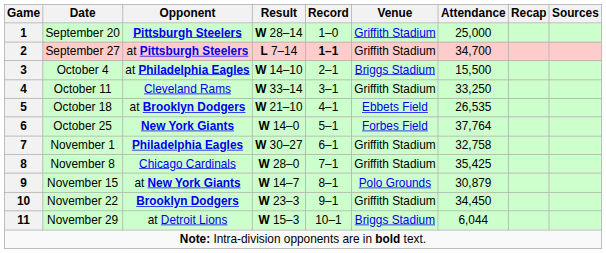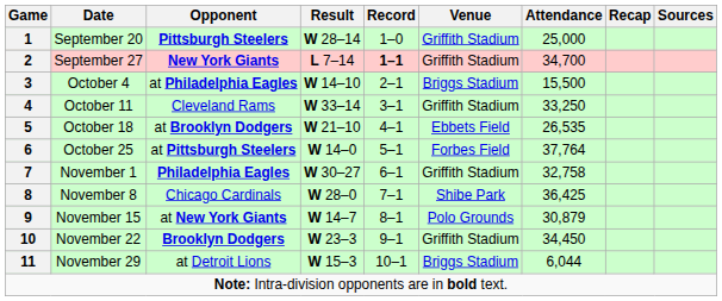 <table class="wikitable" style="text-align:center">
 <tr>
 <th>Game</th>
 <th>Date</th>
 <th>Opponent</th>
 <th>Result</th>
 <th>Record</th>
 <th>Venue</th>
 <th>Attendance</th>
 <th>Recap</th>
 <th>Sources</th>
 </tr>
 <tr style="background:#cfc">
 <th>1</th>
 <td>September 20</td>
 <td><strong><a href='#'>Pittsburgh Steelers</a></strong></td>
 <td><strong>W</strong> 28–14</td>
 <td>1–0</td>
 <td><a href='#'>Griffith Stadium</a></td>
 <td>25,000</td>
 <td></td>
 <td></td>
 </tr>
 <tr style="background:#fcc">
 <th>2</th>
 <td>September 27</td>
-<td>at <strong><a href='#'>Pittsburgh Steelers</a></strong></td>
+<td><strong><a href='#'>New York Giants</a></strong></td>
 <td><strong>L</strong> 7–14</td>
 <td><strong>1–1</strong></td>
 <td>Griffith Stadium</td>
 <td>34,700</td>
 <td></td>
 <td></td>
 </tr>
 <tr style="background:#cfc">
 <th>3</th>
 <td>October 4</td>
 <td>at <strong><a href='#'>Philadelphia Eagles</a></strong></td>
 <td><strong>W</strong> 14–10</td>
 <td>2–1</td>
 <td><a href='#'>Briggs Stadium</a></td>
 <td>15,500</td>
 <td></td>
 <td></td>
 </tr>
 <tr style="background:#cfc">
 <th>4</th>
 <td>October 11</td>
 <td><a href='#'>Cleveland Rams</a></td>
 <td><strong>W</strong> 33–14</td>
 <td>3–1</td>
 <td>Griffith Stadium</td>
 <td>33,250</td>
 <td></td>
 <td></td>
 </tr>
 <tr style="background:#cfc">
 <th>5</th>
 <td>October 18</td>
 <td>at <strong><a href='#'>Brooklyn Dodgers</a></strong></td>
 <td><strong>W</strong> 21–10</td>
 <td>4–1</td>
 <td><a href='#'>Ebbets Field</a></td>
 <td>26,535</td>
 <td></td>
 <td></td>
 </tr>
 <tr style="background:#cfc">
 <th>6</th>
 <td>October 25</td>
-<td><strong><a href='#'>New York Giants</a></strong></td>
+<td>at <strong><a href='#'>Pittsburgh Steelers</a></strong></td>
 <td><strong>W</strong> 14–0</td>
 <td>5–1</td>
 <td><a href='#'>Forbes Field</a></td>
 <td>37,764</td>
 <td></td>
 <td></td>
 </tr>
 <tr style="background:#cfc">
 <th>7</th>
 <td>November 1</td>
 <td><strong><a href='#'>Philadelphia Eagles</a></strong></td>
 <td><strong>W</strong> 30–27</td>
 <td>6–1</td>
 <td>Griffith Stadium</td>
 <td>32,758</td>
 <td></td>
 <td></td>
 </tr>
 <tr style="background:#cfc">
 <th>8</th>
 <td>November 8</td>
 <td><a href='#'>Chicago Cardinals</a></td>
 <td><strong>W</strong> 28–0</td>
 <td>7–1</td>
-<td>Griffith Stadium</td>
-<td>35,425</td>
+<td><a href='#'>Shibe Park</a></td>
+<td>36,425</td>
 <td></td>
 <td></td>
 </tr>
 <tr style="background:#cfc">
 <th>9</th>
 <td>November 15</td>
 <td>at <strong><a href='#'>New York Giants</a></strong></td>
 <td><strong>W</strong> 14–7</td>
 <td>8–1</td>
 <td><a href='#'>Polo Grounds</a></td>
 <td>30,879</td>
 <td></td>
 <td></td>
 </tr>
 <tr style="background:#cfc">
 <th>10</th>
 <td>November 22</td>
 <td><strong><a href='#'>Brooklyn Dodgers</a></strong></td>
 <td><strong>W</strong> 23–3</td>
 <td>9–1</td>
 <td>Griffith Stadium</td>
 <td>34,450</td>
 <td></td>
 <td></td>
 </tr>
 <tr style="background:#cfc">
 <th>11</th>
 <td>November 29</td>
 <td>at <a href='#'>Detroit Lions</a></td>
 <td><strong>W</strong> 15–3</td>
 <td>10–1</td>
 <td><a href='#'>Briggs Stadium</a></td>
 <td>6,044</td>
 <td></td>
 <td></td>
 </tr>
 <tr>
 <td colspan="10"><strong>Note:</strong> Intra-division opponents are in <strong>bold</strong> text.</td>
 </tr>
 </table>
